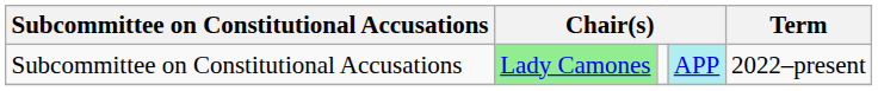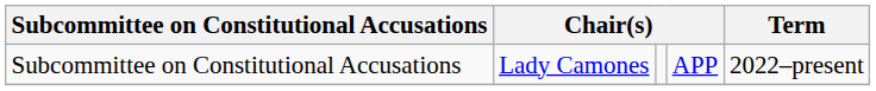 <table class="wikitable">
 <tr>
 <th>Subcommittee on Constitutional Accusations</th>
 <th colspan="3">Chair(s)</th>
 <th>Term</th>
 </tr>
 <tr>
 <td>Subcommittee on Constitutional Accusations</td>
-<td style="background: lightgreen;"><a href='#'>Lady Camones</a></td>
+<td><a href='#'>Lady Camones</a></td>
 <td></td>
-<td style="background: paleturquoise;"><a href='#'>APP</a></td>
+<td><a href='#'>APP</a></td>
 <td>2022–present</td>
 </tr>
 <tr>
 </tr>
 </table>
